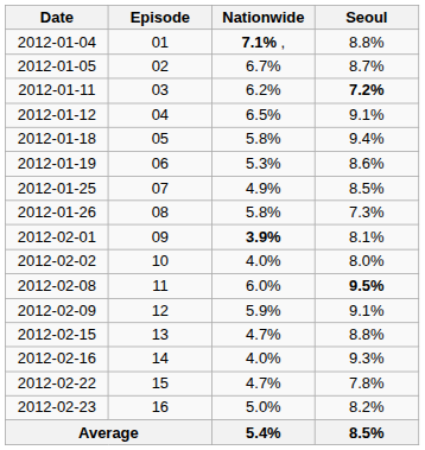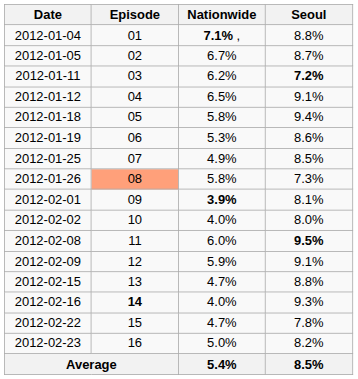 <table class="wikitable">
 <tr>
 <th width=100>Date</th>
 <th width=100>Episode</th>
 <th width=100>Nationwide</th>
 <th width=100>Seoul</th>
 </tr>
 <tr align=center>
 <td>2012-01-04</td>
 <td>01</td>
 <td><span> <strong>7.1% </strong>,</span></td>
 <td>8.8%</td>
 </tr>
 <tr align=center>
 <td>2012-01-05</td>
 <td>02</td>
 <td>6.7%</td>
 <td>8.7%</td>
 </tr>
 <tr align=center>
 <td>2012-01-11</td>
 <td>03</td>
 <td>6.2%</td>
 <td><span><strong>7.2%</strong></span></td>
 </tr>
 <tr align=center>
 <td>2012-01-12</td>
 <td>04</td>
 <td>6.5%</td>
 <td>9.1%</td>
 </tr>
 <tr align=center>
 <td>2012-01-18</td>
 <td>05</td>
 <td>5.8%</td>
 <td>9.4%</td>
 </tr>
 <tr align=center>
 <td>2012-01-19</td>
 <td>06</td>
 <td>5.3%</td>
 <td>8.6%</td>
 </tr>
 <tr align=center>
 <td>2012-01-25</td>
 <td>07</td>
 <td>4.9%</td>
 <td>8.5%</td>
 </tr>
 <tr align=center>
 <td>2012-01-26</td>
-<td>08</td>
+<td style="background: lightsalmon;">08</td>
 <td>5.8%</td>
 <td>7.3%</td>
 </tr>
 <tr align=center>
 <td>2012-02-01</td>
 <td>09</td>
 <td><span><strong>3.9%</strong></span></td>
 <td>8.1%</td>
 </tr>
 <tr align=center>
 <td>2012-02-02</td>
 <td>10</td>
 <td>4.0%</td>
 <td>8.0%</td>
 </tr>
 <tr align=center>
 <td>2012-02-08</td>
 <td>11</td>
 <td>6.0%</td>
 <td><span><strong>9.5%</strong></span></td>
 </tr>
 <tr align=center>
 <td>2012-02-09</td>
 <td>12</td>
 <td>5.9%</td>
 <td>9.1%</td>
 </tr>
 <tr align=center>
 <td>2012-02-15</td>
 <td>13</td>
 <td>4.7%</td>
 <td>8.8%</td>
 </tr>
 <tr align=center>
 <td>2012-02-16</td>
-<td>14</td>
+<td><strong>14</strong></td>
 <td>4.0%</td>
 <td>9.3%</td>
 </tr>
 <tr align=center>
 <td>2012-02-22</td>
 <td>15</td>
 <td>4.7%</td>
 <td>7.8%</td>
 </tr>
 <tr align=center>
 <td>2012-02-23</td>
 <td>16</td>
 <td>5.0%</td>
 <td>8.2%</td>
 </tr>
 <tr align="center">
 <th colspan=2>Average</th>
 <th>5.4%</th>
 <th>8.5%</th>
 </tr>
 </table>
